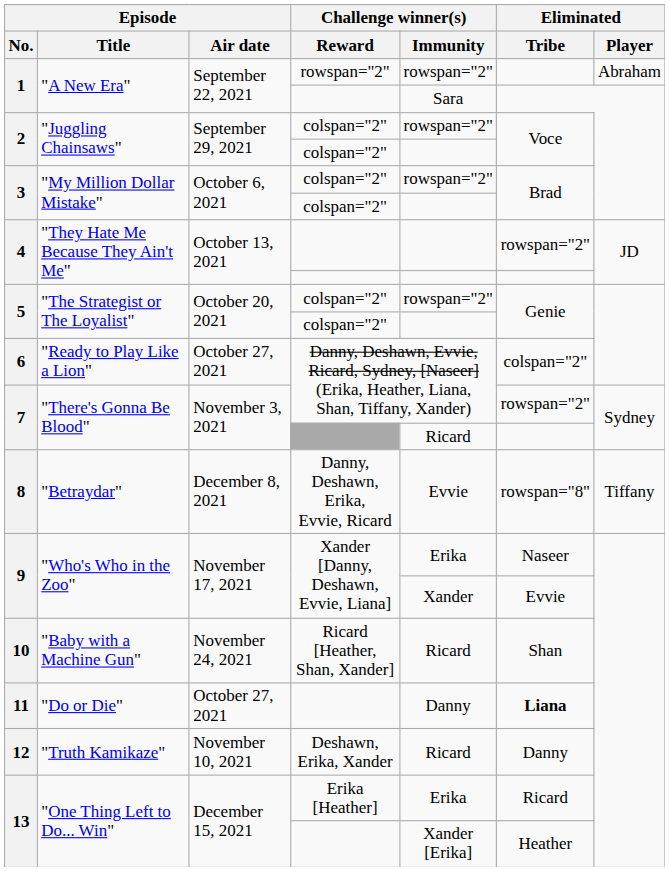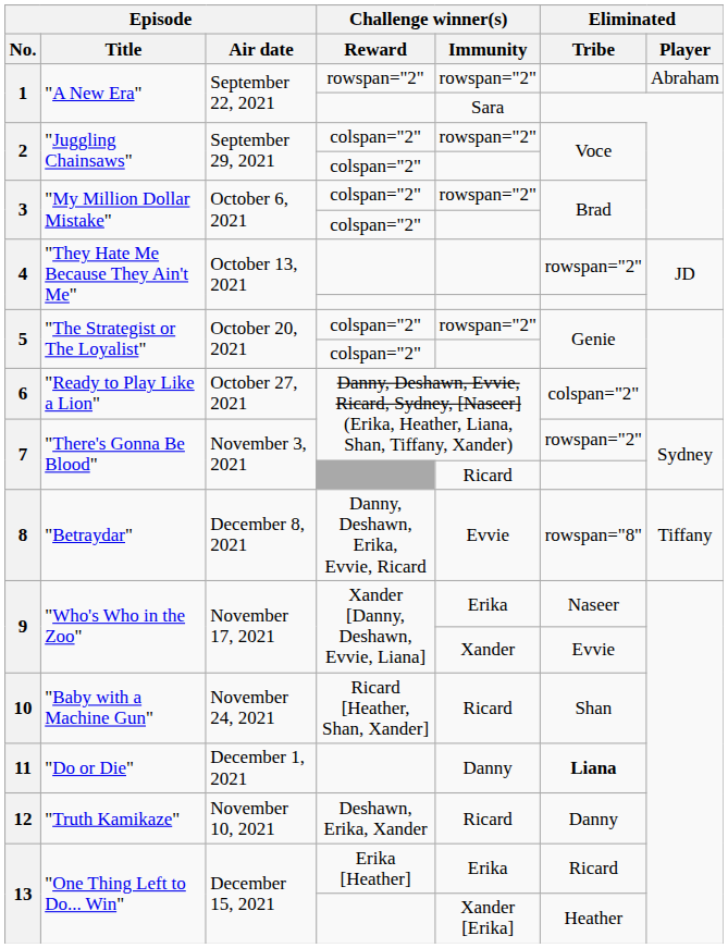 <table class="wikitable plainrowheaders nowrap" style="margin:auto; text-align:center">
 <tr>
 <th colspan="3" scope="col">Episode</th>
 <th colspan="2" scope="col">Challenge winner(s)</th>
 <th colspan="2" scope="col">Eliminated</th>
 </tr>
 <tr>
 <th scope="col">No.</th>
 <th scope="col">Title</th>
 <th scope="col">Air date</th>
 <th scope="col">Reward</th>
 <th scope="col">Immunity</th>
 <th scope="col">Tribe</th>
 <th scope="col">Player</th>
 </tr>
 <tr>
 <th rowspan="2">1</th>
 <td rowspan="2" align="left">"<a href='#'>A New Era</a>"</td>
 <td rowspan="2" align="left">September 22, 2021</td>
 <td>rowspan="2" </td>
 <td>rowspan="2" </td>
 <td></td>
 <td>Abraham</td>
 </tr>
 <tr>
 <td></td>
 <td>Sara</td>
 </tr>
 <tr>
 <th rowspan="2">2</th>
 <td align="left" rowspan="2">"<a href='#'>Juggling Chainsaws</a>"</td>
 <td rowspan="2" align="left">September 29, 2021</td>
 <td>colspan="2" </td>
 <td>rowspan="2" </td>
 <td rowspan="2">Voce</td>
 </tr>
 <tr>
 <td>colspan="2" </td>
 </tr>
 <tr>
 <th rowspan="2">3</th>
 <td align="left" rowspan="2">"<a href='#'>My Million Dollar Mistake</a>"</td>
 <td rowspan="2" align="left">October 6, 2021</td>
 <td>colspan="2" </td>
 <td>rowspan="2" </td>
 <td rowspan="2">Brad</td>
 </tr>
 <tr>
 <td>colspan="2" </td>
 </tr>
 <tr>
 <th rowspan="2">4</th>
 <td align="left" rowspan="2">"<a href='#'>They Hate Me Because They Ain't Me</a>"</td>
 <td rowspan="2" align="left">October 13, 2021</td>
 <td></td>
 <td></td>
 <td>rowspan="2" </td>
 <td rowspan="2">JD</td>
 </tr>
 <tr>
 <td></td>
 <td></td>
 </tr>
 <tr>
 <th rowspan="2">5</th>
 <td align="left" rowspan="2">"<a href='#'>The Strategist or The Loyalist</a>"</td>
 <td align="left" rowspan="2">October 20, 2021</td>
 <td>colspan="2" </td>
 <td>rowspan="2" </td>
 <td rowspan="2">Genie</td>
 </tr>
 <tr>
 <td>colspan="2" </td>
 </tr>
 <tr>
 <th>6</th>
 <td align="left">"<a href='#'>Ready to Play Like a Lion</a>"</td>
 <td align="left">October 27, 2021</td>
 <td colspan="2" rowspan="2"><s>Danny, Deshawn, Evvie,<br>Ricard, Sydney, [Naseer]</s><br>(Erika, Heather, Liana,<br>Shan, Tiffany, Xander)</td>
 <td>colspan="2" </td>
 </tr>
 <tr>
 <th rowspan="2">7</th>
 <td rowspan="2" align="left">"<a href='#'>There's Gonna Be Blood</a>"</td>
 <td rowspan="2" align="left">November 3, 2021</td>
 <td>rowspan="2" </td>
 <td rowspan="2">Sydney</td>
 </tr>
 <tr>
 <td bgcolor="darkgray"></td>
 <td>Ricard</td>
 </tr>
 <tr>
 <th>8</th>
 <td align="left">"<a href='#'>Betraydar</a>"</td>
 <td align="left">December 8, 2021</td>
 <td>Danny,<br>Deshawn, Erika,<br>Evvie, Ricard</td>
 <td>Evvie</td>
 <td>rowspan="8" </td>
 <td>Tiffany</td>
 </tr>
 <tr>
 <th rowspan=2>9</th>
 <td align="left" rowspan=2>"<a href='#'>Who's Who in the Zoo</a>"</td>
 <td align="left" rowspan=2>November 17, 2021</td>
 <td rowspan=2>Xander<br>[Danny, Deshawn,<br>Evvie, Liana]</td>
 <td>Erika</td>
 <td>Naseer</td>
 </tr>
 <tr>
 <td>Xander</td>
 <td>Evvie</td>
 </tr>
 <tr>
 <th>10</th>
 <td align="left">"<a href='#'>Baby with a Machine Gun</a>"</td>
 <td align="left">November 24, 2021</td>
 <td>Ricard<br>[Heather,<br>Shan, Xander]</td>
 <td>Ricard</td>
 <td>Shan</td>
 </tr>
 <tr>
 <th>11</th>
 <td align="left">"<a href='#'>Do or Die</a>"</td>
-<td align="left">October 27, 2021</td>
+<td align="left">December 1, 2021</td>
 <td></td>
 <td>Danny</td>
 <td><strong>Liana</strong></td>
 </tr>
 <tr>
 <th>12</th>
 <td align="left">"<a href='#'>Truth Kamikaze</a>"</td>
 <td align="left">November 10, 2021</td>
 <td>Deshawn,<br>Erika, Xander</td>
 <td>Ricard</td>
 <td>Danny</td>
 </tr>
 <tr>
 <th rowspan="2">13</th>
 <td rowspan="2" align="left">"<a href='#'>One Thing Left to Do... Win</a>"</td>
 <td rowspan="2" align="left">December 15, 2021</td>
 <td>Erika<br>[Heather]</td>
 <td>Erika</td>
 <td>Ricard</td>
 </tr>
 <tr>
 <td></td>
 <td>Xander<br>[Erika]</td>
 <td>Heather</td>
 </tr>
 </table>
